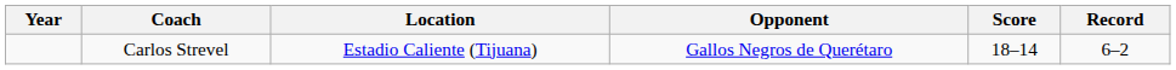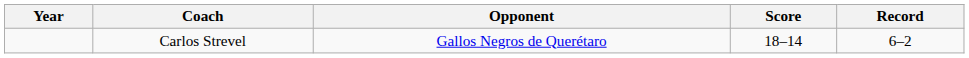 <table class="wikitable" style="width:80%;text-align:center">
 <tr>
 <th>Year</th>
 <th>Coach</th>
-<th>Location</th>
 <th>Opponent</th>
 <th>Score</th>
 <th>Record</th>
 </tr>
 <tr>
 <td></td>
 <td>Carlos Strevel</td>
-<td><a href='#'>Estadio Caliente</a> (<a href='#'>Tijuana</a>)</td>
 <td><a href='#'>Gallos Negros de Querétaro</a></td>
 <td>18–14</td>
 <td>6–2</td>
 </tr>
 </table>
